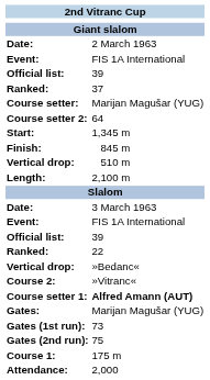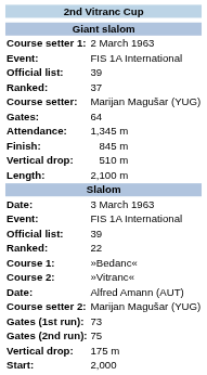 <table border=0 class="toccolours float-right" align="right" style="margin:0 0 0.5em 1em; font-size: 85%;">
 <tr>
 <th bgcolor=#BCD4E6 colspan=2 align="center">2nd Vitranc Cup</th>
 </tr>
 <tr>
 <td align="center" colspan=2></td>
 </tr>
 <tr>
 <th bgcolor=#b0c4de colspan=2 align="center">Giant slalom</th>
 </tr>
 <tr>
-<td><strong>Date:</strong></td>
+<td><strong>Course setter 1:</strong></td>
 <td>2 March 1963</td>
 </tr>
 <tr>
 <td><strong>Event:</strong></td>
 <td>FIS 1A International</td>
 </tr>
 <tr>
 <td><strong>Official list:</strong></td>
 <td>39</td>
 </tr>
 <tr>
 <td><strong>Ranked:</strong></td>
 <td>37</td>
 </tr>
 <tr>
 <td><strong>Course setter:</strong></td>
 <td>Marijan Magušar (YUG)</td>
 </tr>
 <tr>
-<td><strong>Course setter 2:</strong></td>
+<td><strong>Gates:</strong></td>
 <td>64</td>
 </tr>
 <tr>
-<td><strong>Start:</strong></td>
+<td><strong>Attendance:</strong></td>
 <td>1,345 m</td>
 </tr>
 <tr>
 <td><strong>Finish:</strong></td>
 <td>   845 m</td>
 </tr>
 <tr>
 <td><strong>Vertical drop:</strong></td>
 <td>   510 m</td>
 </tr>
 <tr>
 <td><strong>Length:</strong></td>
 <td>2,100 m</td>
 </tr>
 <tr>
 <th bgcolor=#b0c4de colspan=2 align="center">Slalom</th>
 </tr>
 <tr>
 <td><strong>Date:</strong></td>
 <td>3 March 1963</td>
 </tr>
 <tr>
 <td><strong>Event:</strong></td>
 <td>FIS 1A International</td>
 </tr>
 <tr>
 <td><strong>Official list:</strong></td>
 <td>39</td>
 </tr>
 <tr>
 <td><strong>Ranked:</strong></td>
 <td>22</td>
 </tr>
 <tr>
-<td><strong>Vertical drop:</strong></td>
+<td><strong>Course 1:</strong></td>
 <td>»Bedanc«</td>
 </tr>
 <tr>
 <td><strong>Course 2:</strong></td>
 <td>»Vitranc«</td>
 </tr>
 <tr>
-<td><strong>Course setter 1:</strong></td>
-<td><strong>Alfred Amann (AUT)</strong></td>
+<td><strong>Date:</strong></td>
+<td>Alfred Amann (AUT)</td>
 </tr>
 <tr>
-<td><strong>Gates:</strong></td>
+<td><strong>Course setter 2:</strong></td>
 <td>Marijan Magušar (YUG)</td>
 </tr>
 <tr>
 <td><strong>Gates (1st run):</strong></td>
 <td>73</td>
 </tr>
 <tr>
 <td><strong>Gates (2nd run):</strong></td>
 <td>75</td>
 </tr>
 <tr>
-<td><strong>Course 1:</strong></td>
+<td><strong>Vertical drop:</strong></td>
 <td>175 m</td>
 </tr>
 <tr>
-<td><strong>Attendance:</strong></td>
+<td><strong>Start:</strong></td>
 <td>2,000</td>
 </tr>
 </table>
